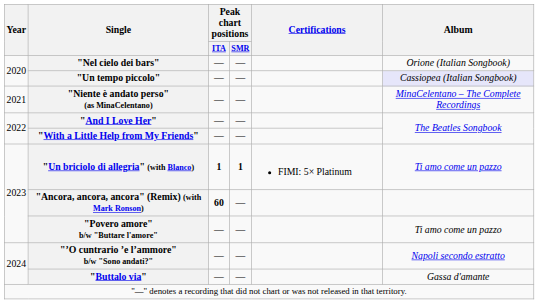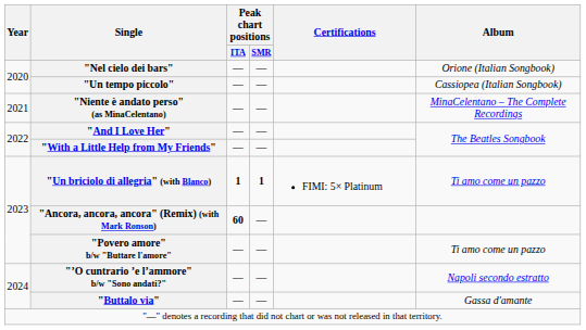 <table class="wikitable plainrowheaders" style="text-align: center;">
 <tr>
 <th rowspan="2">Year</th>
 <th rowspan="2" style="width:18em;">Single</th>
 <th colspan="2">Peak chart positions</th>
 <th rowspan="2" style="width:13em;"><a href='#'>Certifications</a></th>
 <th rowspan="2" style="width:15em;">Album</th>
 </tr>
 <tr style="font-size:smaller;">
 <th style="width:28px;"><a href='#'>ITA</a><br></th>
 <th style="width:28px;"><a href='#'>SMR</a><br></th>
 </tr>
 <tr>
 <td rowspan="2">2020</td>
 <th scope="row">"Nel cielo dei bars"</th>
 <td>—</td>
 <td>—</td>
 <td align="left"></td>
 <td><em>Orione (Italian Songbook)</em></td>
 </tr>
 <tr>
 <th scope="row">"Un tempo piccolo"</th>
 <td>—</td>
 <td>—</td>
 <td align="left"></td>
-<td style="background: lavender;"><em>Cassiopea (Italian Songbook)</em></td>
+<td><em>Cassiopea (Italian Songbook)</em></td>
 </tr>
 <tr>
 <td>2021</td>
 <th scope="row">"Niente è andato perso"<br> <small>(as MinaCelentano)</small></th>
 <td>—</td>
 <td>—</td>
 <td align="left"></td>
 <td><em><a href='#'>MinaCelentano – The Complete Recordings</a></em></td>
 </tr>
 <tr>
 <td rowspan="2">2022</td>
 <th scope="row">"<a href='#'>And I Love Her</a>"</th>
 <td>—</td>
 <td>—</td>
 <td align="left"></td>
 <td rowspan="2"><em><a href='#'>The Beatles Songbook</a></em></td>
 </tr>
 <tr>
 <th scope="row">"<a href='#'>With a Little Help from My Friends</a>"</th>
 <td>—</td>
 <td>—</td>
 <td align="left"></td>
 </tr>
 <tr>
 <td rowspan="3">2023</td>
 <th scope="row">"<a href='#'>Un briciolo di allegria</a>" <small>(with <a href='#'>Blanco</a>)</small></th>
 <td><strong>1</strong></td>
 <td><strong>1</strong></td>
 <td align="left"><br><ul><li>FIMI: 5× Platinum</li></ul></td>
 <td><em><a href='#'>Ti amo come un pazzo</a></em></td>
 </tr>
 <tr>
 <th scope="row">"Ancora, ancora, ancora" (Remix) <small>(with <a href='#'>Mark Ronson</a>)</small></th>
 <td><strong>60</strong></td>
 <td>—</td>
 <td align="left"></td>
 <td></td>
 </tr>
 <tr>
 <th scope="row">"Povero amore"<br><small>b/w "Buttare l'amore"</small></th>
 <td>—</td>
 <td>—</td>
 <td align="left"></td>
 <td><em>Ti amo come un pazzo</em></td>
 </tr>
 <tr>
 <td rowspan="2">2024</td>
 <th scope="row">"’O cuntrario ’e l’ammore"<br><small>b/w "Sono andati?"</small></th>
 <td>—</td>
 <td>—</td>
 <td align="left"></td>
 <td><em><a href='#'>Napoli secondo estratto</a></em></td>
 </tr>
 <tr>
 <th scope="row">"<a href='#'>Buttalo via</a>"</th>
 <td>—</td>
 <td>—</td>
 <td align="left"></td>
 <td><em>Gassa d'amante</em></td>
 </tr>
 <tr>
 <td colspan="6" style="font-size:90%">"—" denotes a recording that did not chart or was not released in that territory.</td>
 </tr>
 </table>
